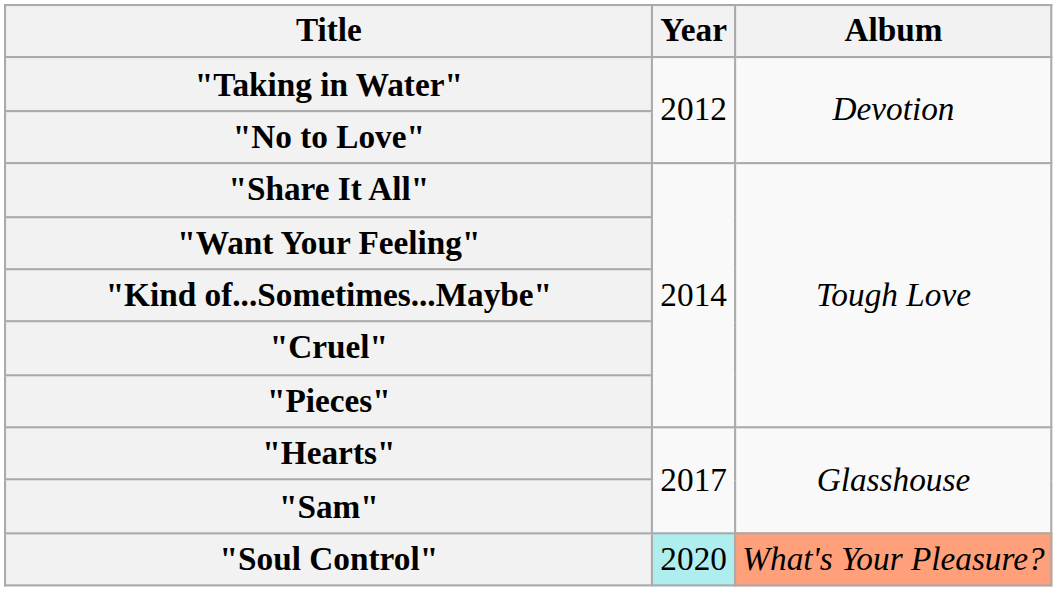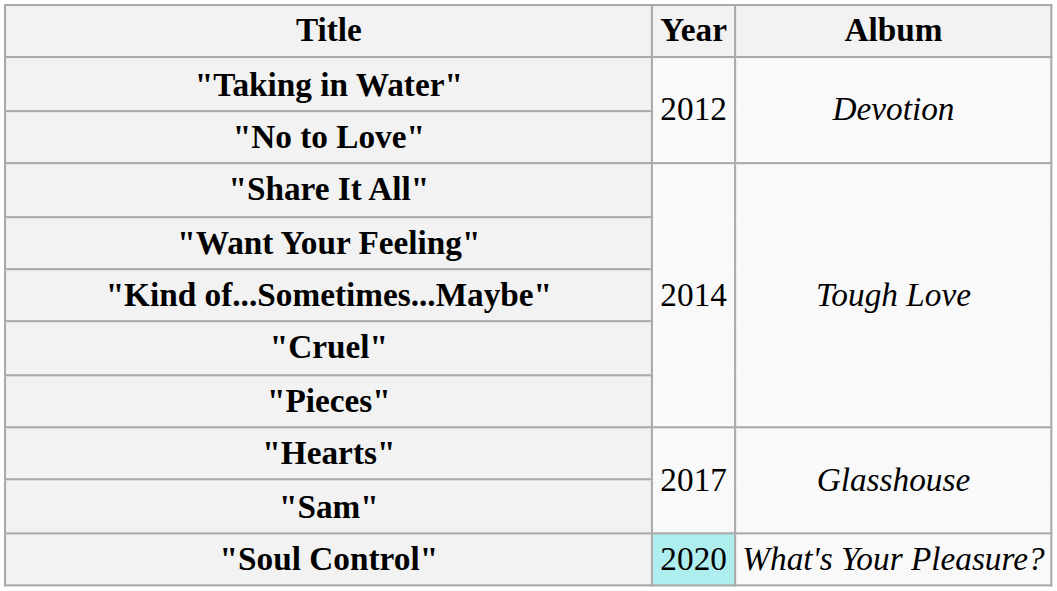 <table class="wikitable plainrowheaders" style="text-align:center;">
 <tr>
 <th scope="col" style="width:19em;">Title</th>
 <th scope="col" style="width:1em;">Year</th>
 <th scope="col">Album</th>
 </tr>
 <tr>
 <th scope="row">"Taking in Water"</th>
 <td rowspan="2">2012</td>
 <td rowspan="2"><em>Devotion</em></td>
 </tr>
 <tr>
 <th scope="row">"No to Love"</th>
 </tr>
 <tr>
 <th scope="row">"Share It All"</th>
 <td rowspan="5">2014</td>
 <td rowspan="5"><em>Tough Love</em></td>
 </tr>
 <tr>
 <th scope="row">"Want Your Feeling"</th>
 </tr>
 <tr>
 <th scope="row">"Kind of...Sometimes...Maybe"</th>
 </tr>
 <tr>
 <th scope="row">"Cruel"</th>
 </tr>
 <tr>
 <th scope="row">"Pieces"</th>
 </tr>
 <tr>
 <th scope="row">"Hearts"</th>
 <td rowspan="2">2017</td>
 <td rowspan="2"><em>Glasshouse</em></td>
 </tr>
 <tr>
 <th scope="row">"Sam"</th>
 </tr>
 <tr>
 <th scope="row">"Soul Control"</th>
 <td style="background: paleturquoise;">2020</td>
-<td style="background: lightsalmon;"><em>What's Your Pleasure?</em></td>
+<td><em>What's Your Pleasure?</em></td>
 </tr>
 </table>
